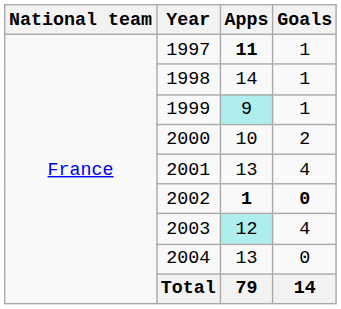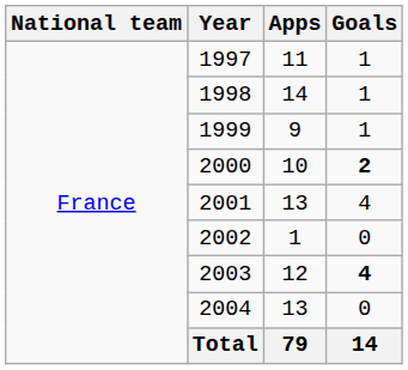 <table class="wikitable" style="text-align:center">
 <tr>
 <th>National team</th>
 <th>Year</th>
 <th>Apps</th>
 <th>Goals</th>
 </tr>
 <tr>
 <td rowspan="12"><a href='#'>France</a></td>
 <td>1997</td>
-<td><strong>11</strong></td>
+<td>11</td>
 <td>1</td>
 </tr>
 <tr>
 <td>1998</td>
 <td>14</td>
 <td>1</td>
 </tr>
 <tr>
 <td>1999</td>
-<td style="background: paleturquoise;">9</td>
+<td>9</td>
 <td>1</td>
 </tr>
 <tr>
 <td>2000</td>
 <td>10</td>
-<td>2</td>
+<td><strong>2</strong></td>
 </tr>
 <tr>
 <td>2001</td>
 <td>13</td>
 <td>4</td>
 </tr>
 <tr>
 <td>2002</td>
-<td><strong>1</strong></td>
-<td><strong>0</strong></td>
+<td>1</td>
+<td>0</td>
 </tr>
 <tr>
 <td>2003</td>
-<td style="background: paleturquoise;">12</td>
-<td>4</td>
+<td>12</td>
+<td><strong>4</strong></td>
 </tr>
 <tr>
 <td>2004</td>
 <td>13</td>
 <td>0</td>
 </tr>
 <tr>
 <th colspan="1">Total</th>
 <th>79</th>
 <th>14</th>
 </tr>
 </table>
